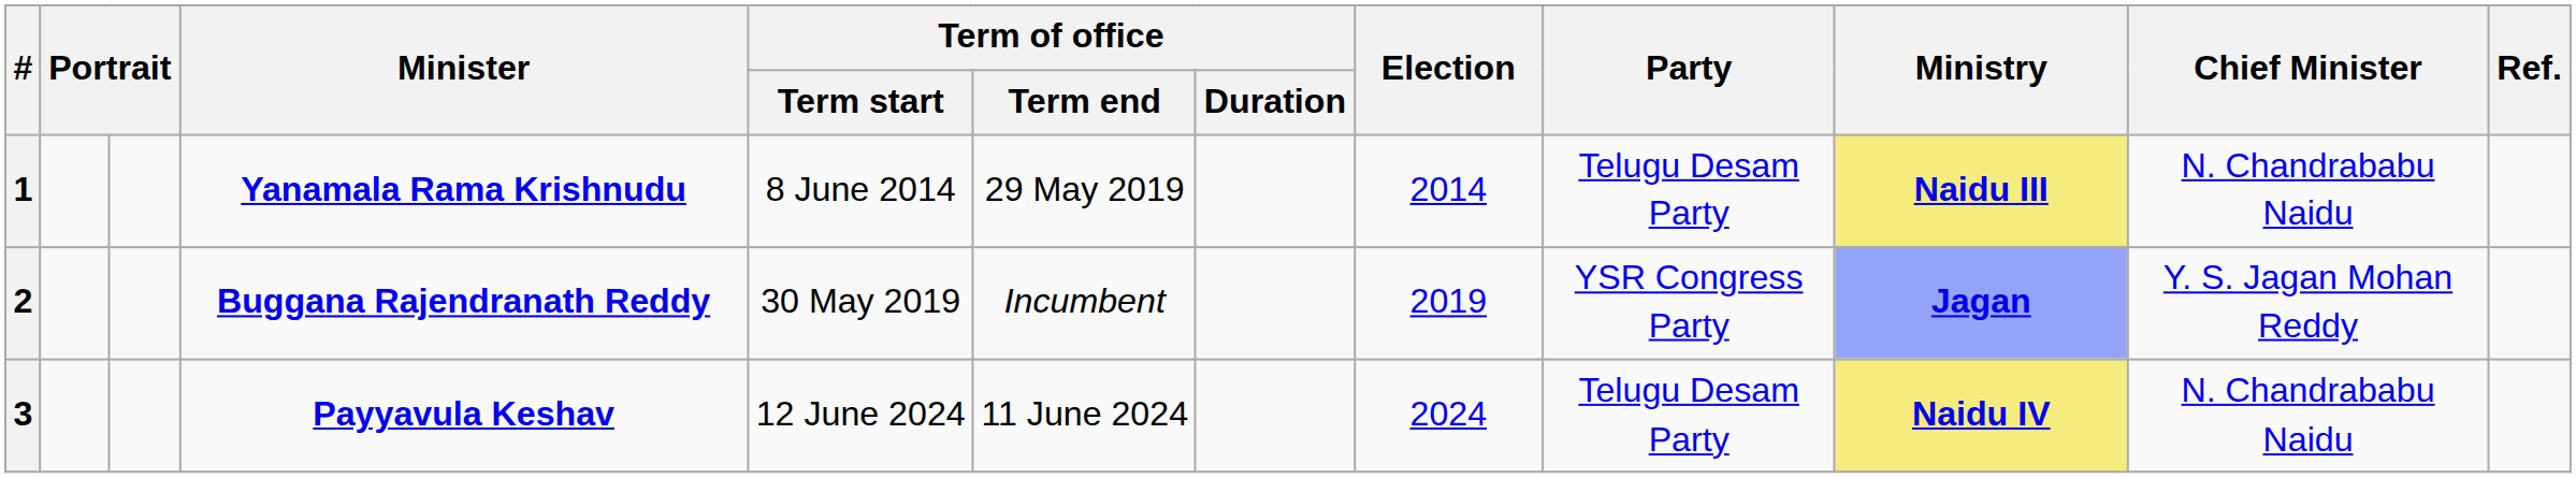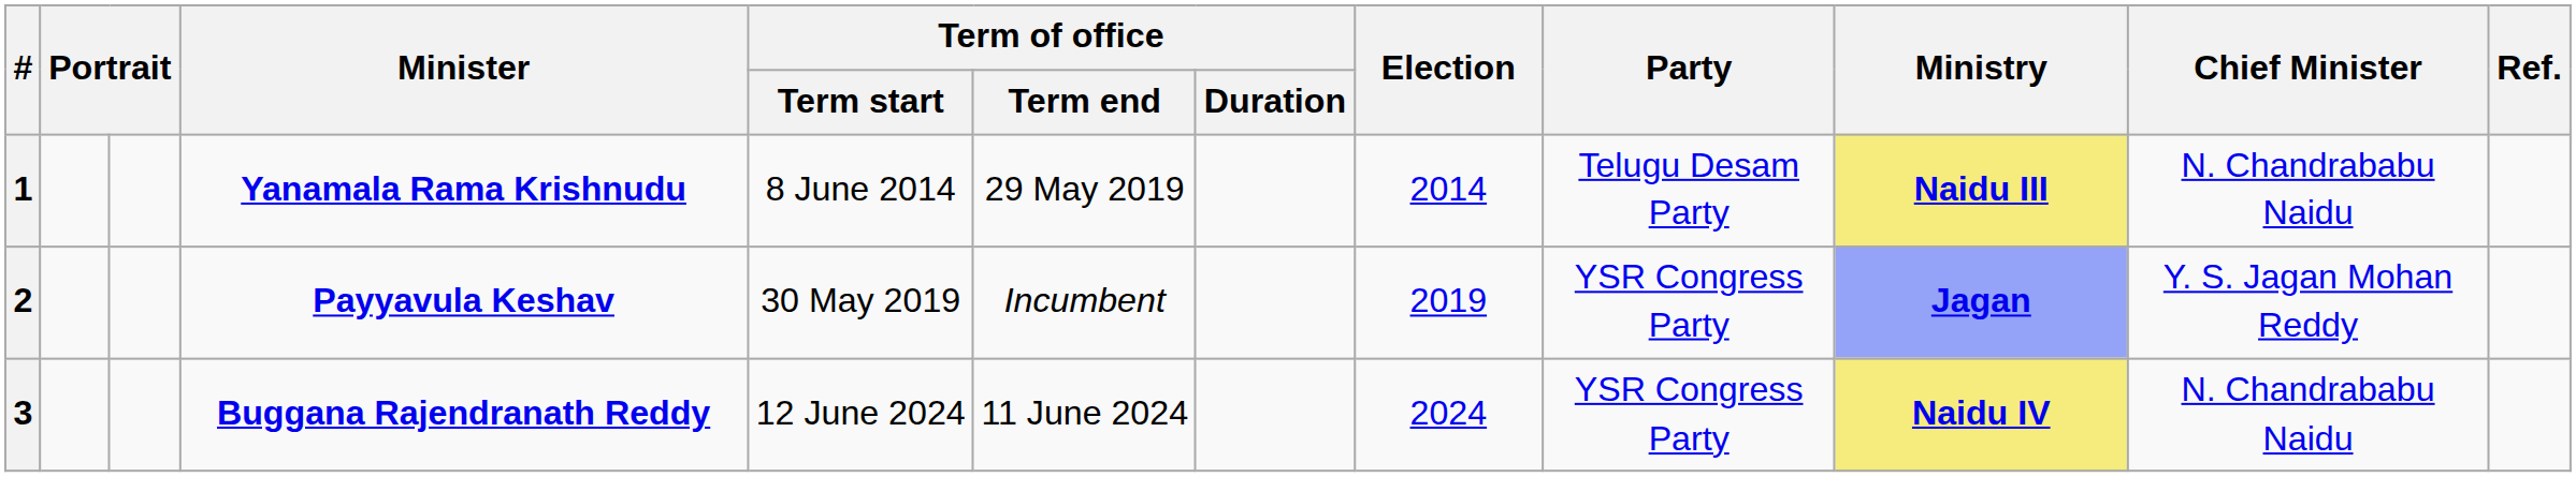 <table class="wikitable" style="line-height:1.4em; text-align:center">
 <tr>
 <th rowspan=2>#</th>
 <th rowspan=2 colspan="2">Portrait</th>
 <th rowspan=2 style="width:16em">Minister<br></th>
 <th colspan="3">Term of office</th>
 <th rowspan=2 style="width:5em">Election<br></th>
 <th rowspan=2 style="width:8em">Party</th>
 <th rowspan=2 style="width:8em">Ministry</th>
 <th rowspan=2 style="width:10em">Chief Minister</th>
 <th rowspan=2>Ref.</th>
 </tr>
 <tr>
 <th>Term start</th>
 <th>Term end</th>
 <th>Duration</th>
 </tr>
 <tr>
 <th>1</th>
 <td></td>
 <td></td>
 <td><strong><a href='#'>Yanamala Rama Krishnudu</a></strong><br></td>
 <td>8 June 2014</td>
 <td>29 May 2019</td>
 <td><strong></strong></td>
 <td><a href='#'>2014</a><br></td>
 <td><a href='#'>Telugu Desam Party</a></td>
 <td bgcolor="#F5EC7D"><strong><a href='#'>Naidu III</a></strong></td>
 <td><a href='#'>N. Chandrababu Naidu</a></td>
 <td></td>
 </tr>
 <tr>
 <th>2</th>
 <td></td>
 <td></td>
-<td><strong><a href='#'>Buggana Rajendranath Reddy</a></strong><br></td>
+<td><strong><a href='#'>Payyavula Keshav</a></strong><br></td>
 <td>30 May 2019</td>
 <td><em>Incumbent</em></td>
 <td><strong></strong></td>
 <td><a href='#'>2019</a><br></td>
 <td><a href='#'>YSR Congress Party</a></td>
 <td bgcolor="#94A2F7"><strong><a href='#'>Jagan</a></strong></td>
 <td><a href='#'>Y. S. Jagan Mohan Reddy</a></td>
 <td></td>
 </tr>
 <tr>
 <th>3</th>
 <td></td>
 <td></td>
-<td><strong><a href='#'>Payyavula Keshav</a></strong><br></td>
+<td><strong><a href='#'>Buggana Rajendranath Reddy</a></strong><br></td>
 <td>12 June 2024</td>
 <td>11 June 2024</td>
 <td><strong></strong></td>
 <td><a href='#'>2024</a><br></td>
-<td><a href='#'>Telugu Desam Party</a></td>
+<td><a href='#'>YSR Congress Party</a></td>
 <td bgcolor="#F5EC7D"><strong><a href='#'>Naidu IV</a></strong></td>
 <td><a href='#'>N. Chandrababu Naidu</a></td>
 <td></td>
 </tr>
 </table>
